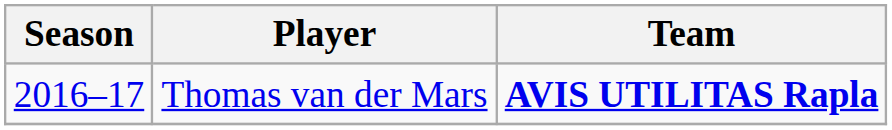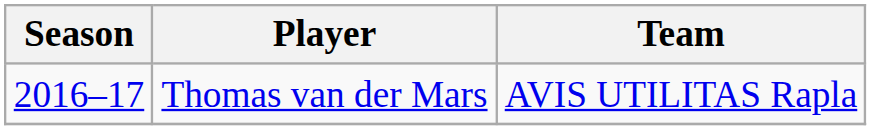 <table class="wikitable">
 <tr>
 <th>Season</th>
 <th>Player</th>
 <th>Team</th>
 </tr>
 <tr>
 <td align="center"><a href='#'>2016–17</a></td>
 <td> <a href='#'>Thomas van der Mars</a></td>
-<td><strong><a href='#'>AVIS UTILITAS Rapla</a></strong></td>
+<td><a href='#'>AVIS UTILITAS Rapla</a></td>
 </tr>
 <tr>
 </tr>
 </table>
